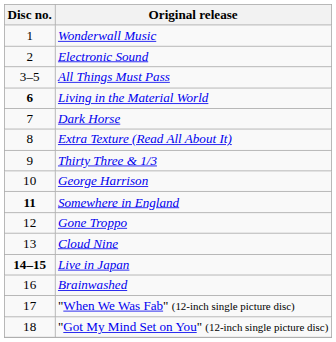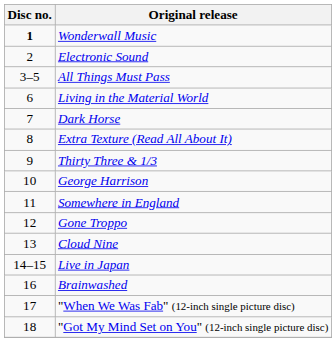 <table class="wikitable">
 <tr>
 <th scope="col">Disc no.</th>
 <th scope="col">Original release</th>
 </tr>
 <tr>
-<td scope="row" align="center">1</td>
+<td scope="row" align="center"><strong>1</strong></td>
 <td><em><a href='#'>Wonderwall Music</a></em></td>
 </tr>
 <tr>
 <td scope="row" align="center">2</td>
 <td><em><a href='#'>Electronic Sound</a></em></td>
 </tr>
 <tr>
 <td scope="row" align="center">3–5</td>
 <td><em><a href='#'>All Things Must Pass</a></em></td>
 </tr>
 <tr>
-<td scope="row" align="center"><strong>6</strong></td>
+<td scope="row" align="center">6</td>
 <td><em><a href='#'>Living in the Material World</a></em></td>
 </tr>
 <tr>
 <td scope="row" align="center">7</td>
 <td><em><a href='#'>Dark Horse</a></em></td>
 </tr>
 <tr>
 <td scope="row" align="center">8</td>
 <td><em><a href='#'>Extra Texture (Read All About It)</a></em></td>
 </tr>
 <tr>
 <td scope="row" align="center">9</td>
 <td><em><a href='#'>Thirty Three & 1/3</a></em></td>
 </tr>
 <tr>
 <td scope="row" align="center">10</td>
 <td><em><a href='#'>George Harrison</a></em></td>
 </tr>
 <tr>
-<td scope="row" align="center"><strong>11</strong></td>
+<td scope="row" align="center">11</td>
 <td><em><a href='#'>Somewhere in England</a></em></td>
 </tr>
 <tr>
 <td scope="row" align="center">12</td>
 <td><em><a href='#'>Gone Troppo</a></em></td>
 </tr>
 <tr>
 <td scope="row" align="center">13</td>
 <td><em><a href='#'>Cloud Nine</a></em></td>
 </tr>
 <tr>
-<td scope="row" align="center"><strong>14–15</strong></td>
+<td scope="row" align="center">14–15</td>
 <td><em><a href='#'>Live in Japan</a></em></td>
 </tr>
 <tr>
 <td scope="row" align="center">16</td>
 <td><em><a href='#'>Brainwashed</a></em></td>
 </tr>
 <tr>
 <td scope="row" align="center">17</td>
 <td>"<a href='#'>When We Was Fab</a>" <small>(12-inch single picture disc)</small></td>
 </tr>
 <tr>
 <td scope="row" align="center">18</td>
 <td>"<a href='#'>Got My Mind Set on You</a>" <small>(12-inch single picture disc)</small></td>
 </tr>
 <tr>
 </tr>
 </table>
